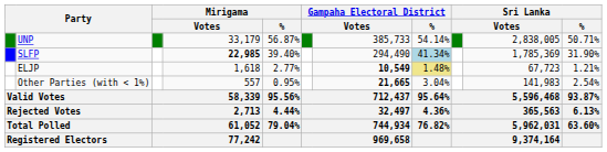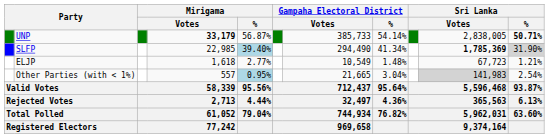 <table class="wikitable">
 <tr>
 <th colspan="2" width="144px"rowspan="2">Party</th>
 <th colspan="3" width="216px">Mirigama</th>
 <th colspan="3" width="216px"><a href='#'>Gampaha Electoral District</a></th>
 <th colspan="3" width="216px">Sri Lanka</th>
 </tr>
 <tr>
 <th colspan="2" width="144px">Votes</th>
 <th>%</th>
 <th colspan="2" width="144px">Votes</th>
 <th>%</th>
 <th colspan="2" width="144px">Votes</th>
 <th>%</th>
 </tr>
 <tr>
 <td style="background-color:green;" width="10px"></td>
 <td style="text-align:left;"><a href='#'>UNP</a></td>
 <td style="background-color:green;" width="10px"></td>
-<td style="text-align:right;">33,179</td>
+<td style="text-align:right;"><strong>33,179</strong></td>
 <td style="text-align:right;">56.87%</td>
 <td style="background-color:green;" width="10px"></td>
 <td style="text-align:right;">385,733</td>
 <td style="text-align:right;">54.14%</td>
 <td style="background-color:green;" width="10px"></td>
 <td style="text-align:right;">2,838,005</td>
-<td style="text-align:right;">50.71%</td>
+<td style="text-align:right;"><strong>50.71%</strong></td>
 </tr>
 <tr>
 <td style="background-color:blue;" width="10px"></td>
 <td style="text-align:left;"><a href='#'>SLFP</a></td>
 <td style="background-color:white;" width="10px"></td>
-<td style="text-align:right;"><strong>22,985</strong></td>
-<td style="text-align:right;">39.40%</td>
+<td style="text-align:right;">22,985</td>
+<td style="background: lightblue; text-align:right;">39.40%</td>
 <td style="background-color:white;" width="10px"></td>
 <td style="text-align:right;">294,490</td>
-<td style="background: lightblue; text-align:right;">41.34%</td>
+<td style="text-align:right;">41.34%</td>
 <td style="background-color:white;" width="10px"></td>
-<td style="text-align:right;">1,785,369</td>
-<td style="text-align:right;">31.90%</td>
+<td style="text-align:right;"><strong>1,785,369</strong></td>
+<td style="background: lightgrey; text-align:right;">31.90%</td>
 </tr>
 <tr>
 <td style="background-color:white;" width="10px"></td>
 <td style="text-align:left;">ELJP</td>
 <td style="background-color:white;" width="10px"></td>
 <td style="text-align:right;">1,618</td>
 <td style="text-align:right;">2.77%</td>
 <td style="background-color:white;" width="10px"></td>
-<td style="text-align:right;"><strong>10,549</strong></td>
-<td style="background: khaki; text-align:right;">1.48%</td>
+<td style="text-align:right;">10,549</td>
+<td style="text-align:right;">1.48%</td>
 <td style="background-color:white;" width="10px"></td>
 <td style="text-align:right;">67,723</td>
 <td style="text-align:right;">1.21%</td>
 </tr>
 <tr>
 <td style="background-color:white;" width="10px"></td>
 <td style="text-align:left;">Other Parties (with < 1%)</td>
 <td style="background-color:white;" width="10px"></td>
 <td style="text-align:right;">557</td>
-<td style="text-align:right;">0.95%</td>
+<td style="background: lightblue; text-align:right;">0.95%</td>
 <td style="background-color:white;" width="10px"></td>
-<td style="text-align:right;"><strong>21,665</strong></td>
+<td style="text-align:right;">21,665</td>
 <td style="text-align:right;">3.04%</td>
 <td style="background-color:white;" width="10px"></td>
-<td style="text-align:right;">141,983</td>
+<td style="background: lightgrey; text-align:right;">141,983</td>
 <td style="text-align:right;">2.54%</td>
 </tr>
 <tr>
 <th colspan="2" width="144px"style="text-align:left;">Valid Votes</th>
 <th style="text-align:right;"colspan="2" width="144px">58,339</th>
 <th style="text-align:right;">95.56%</th>
 <th style="text-align:right;"colspan="2" width="144px">712,437</th>
 <th style="text-align:right;">95.64%</th>
 <th style="text-align:right;"colspan="2" width="144px">5,596,468</th>
 <th style="text-align:right;">93.87%</th>
 </tr>
 <tr>
 <th colspan="2" width="144px"style="text-align:left;">Rejected Votes</th>
 <th style="text-align:right;"colspan="2" width="144px">2,713</th>
 <th style="text-align:right;">4.44%</th>
 <th style="text-align:right;"colspan="2" width="144px">32,497</th>
 <th style="text-align:right;">4.36%</th>
 <th style="text-align:right;"colspan="2" width="144px">365,563</th>
 <th style="text-align:right;">6.13%</th>
 </tr>
 <tr>
 <th colspan="2" width="144px"style="text-align:left;">Total Polled</th>
 <th style="text-align:right;"colspan="2" width="144px">61,052</th>
 <th style="text-align:right;">79.04%</th>
 <th style="text-align:right;"colspan="2" width="144px">744,934</th>
 <th style="text-align:right;">76.82%</th>
 <th style="text-align:right;"colspan="2" width="144px">5,962,031</th>
 <th style="text-align:right;">63.60%</th>
 </tr>
 <tr>
 <th colspan="2" width="144px"style="text-align:left;">Registered Electors</th>
 <th style="text-align:right;"colspan="2" width="144px">77,242</th>
 <th></th>
 <th style="text-align:right;"colspan="2" width="144px">969,658</th>
 <th></th>
 <th style="text-align:right;"colspan="2" width="144px">9,374,164</th>
 <th></th>
 </tr>
 </table>
